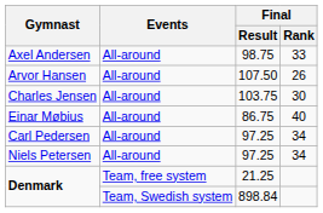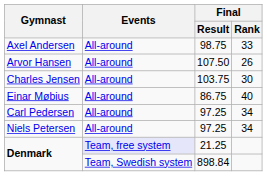 <table class=wikitable style="font-size:90%">
 <tr>
 <th rowspan="2">Gymnast</th>
 <th rowspan="2">Events</th>
 <th colspan="2">Final</th>
 </tr>
 <tr>
 <th>Result</th>
 <th>Rank</th>
 </tr>
 <tr>
 <td><a href='#'>Axel Andersen</a></td>
 <td><a href='#'>All-around</a></td>
 <td align=center>98.75</td>
 <td align=center>33</td>
 </tr>
 <tr>
 <td><a href='#'>Arvor Hansen</a></td>
 <td><a href='#'>All-around</a></td>
 <td align=center>107.50</td>
 <td align=center>26</td>
 </tr>
 <tr>
 <td><a href='#'>Charles Jensen</a></td>
 <td><a href='#'>All-around</a></td>
 <td align=center>103.75</td>
 <td align=center>30</td>
 </tr>
 <tr>
 <td><a href='#'>Einar Møbius</a></td>
 <td><a href='#'>All-around</a></td>
 <td align=center>86.75</td>
 <td align=center>40</td>
 </tr>
 <tr>
 <td><a href='#'>Carl Pedersen</a></td>
 <td><a href='#'>All-around</a></td>
 <td align=center>97.25</td>
 <td align=center>34</td>
 </tr>
 <tr>
 <td><a href='#'>Niels Petersen</a></td>
 <td><a href='#'>All-around</a></td>
 <td align=center>97.25</td>
 <td align=center>34</td>
 </tr>
 <tr>
 <td rowspan=2><strong>Denmark</strong></td>
-<td><a href='#'>Team, free system</a></td>
+<td style="background: lavender;"><a href='#'>Team, free system</a></td>
 <td align=center>21.25</td>
 <td align=center></td>
 </tr>
 <tr>
 <td><a href='#'>Team, Swedish system</a></td>
 <td align=center>898.84</td>
 <td align=center></td>
 </tr>
 </table>
